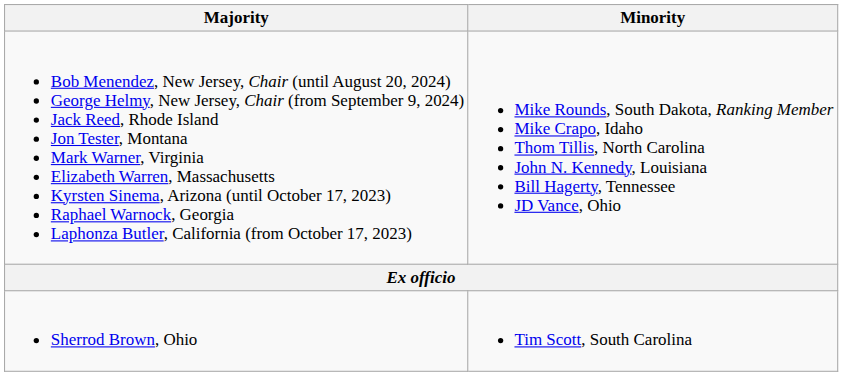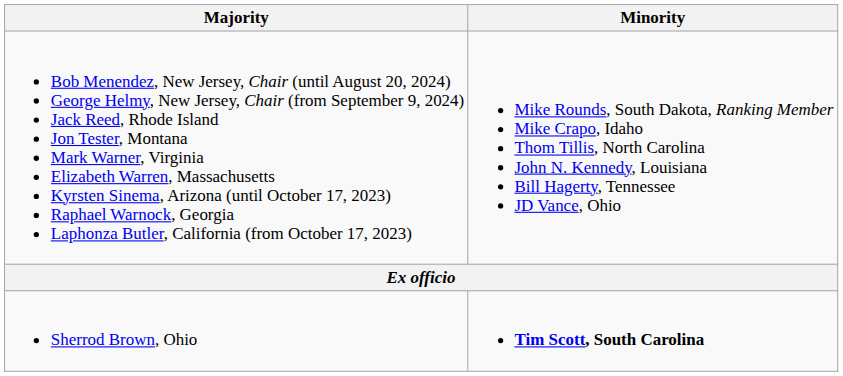 <table class=wikitable>
 <tr>
 <th>Majority</th>
 <th>Minority</th>
 </tr>
 <tr>
 <td><br><ul><li><a href='#'>Bob Menendez</a>, New Jersey, <em>Chair</em> (until August 20, 2024)</li><li><a href='#'>George Helmy</a>, New Jersey, <em>Chair</em> (from September 9, 2024)</li><li><a href='#'>Jack Reed</a>, Rhode Island</li><li><a href='#'>Jon Tester</a>, Montana</li><li><a href='#'>Mark Warner</a>, Virginia</li><li><a href='#'>Elizabeth Warren</a>, Massachusetts</li><li><span><a href='#'>Kyrsten Sinema</a>, Arizona (until October 17, 2023)</span></li><li><a href='#'>Raphael Warnock</a>, Georgia</li><li><a href='#'>Laphonza Butler</a>, California (from October 17, 2023)</li></ul></td>
 <td><br><ul><li><a href='#'>Mike Rounds</a>, South Dakota, <em>Ranking Member</em></li><li><a href='#'>Mike Crapo</a>, Idaho</li><li><a href='#'>Thom Tillis</a>, North Carolina</li><li><a href='#'>John N. Kennedy</a>, Louisiana</li><li><a href='#'>Bill Hagerty</a>, Tennessee</li><li><a href='#'>JD Vance</a>, Ohio</li></ul></td>
 </tr>
 <tr>
 <th colspan=2><em>Ex officio</em></th>
 </tr>
 <tr>
 <td><br><ul><li><a href='#'>Sherrod Brown</a>, Ohio</li></ul></td>
-<td><br><ul><li><a href='#'>Tim Scott</a>, South Carolina</li></ul></td>
+<td><strong><br><ul><li><a href='#'>Tim Scott</a>, South Carolina</li></ul></strong></td>
 </tr>
 </table>
